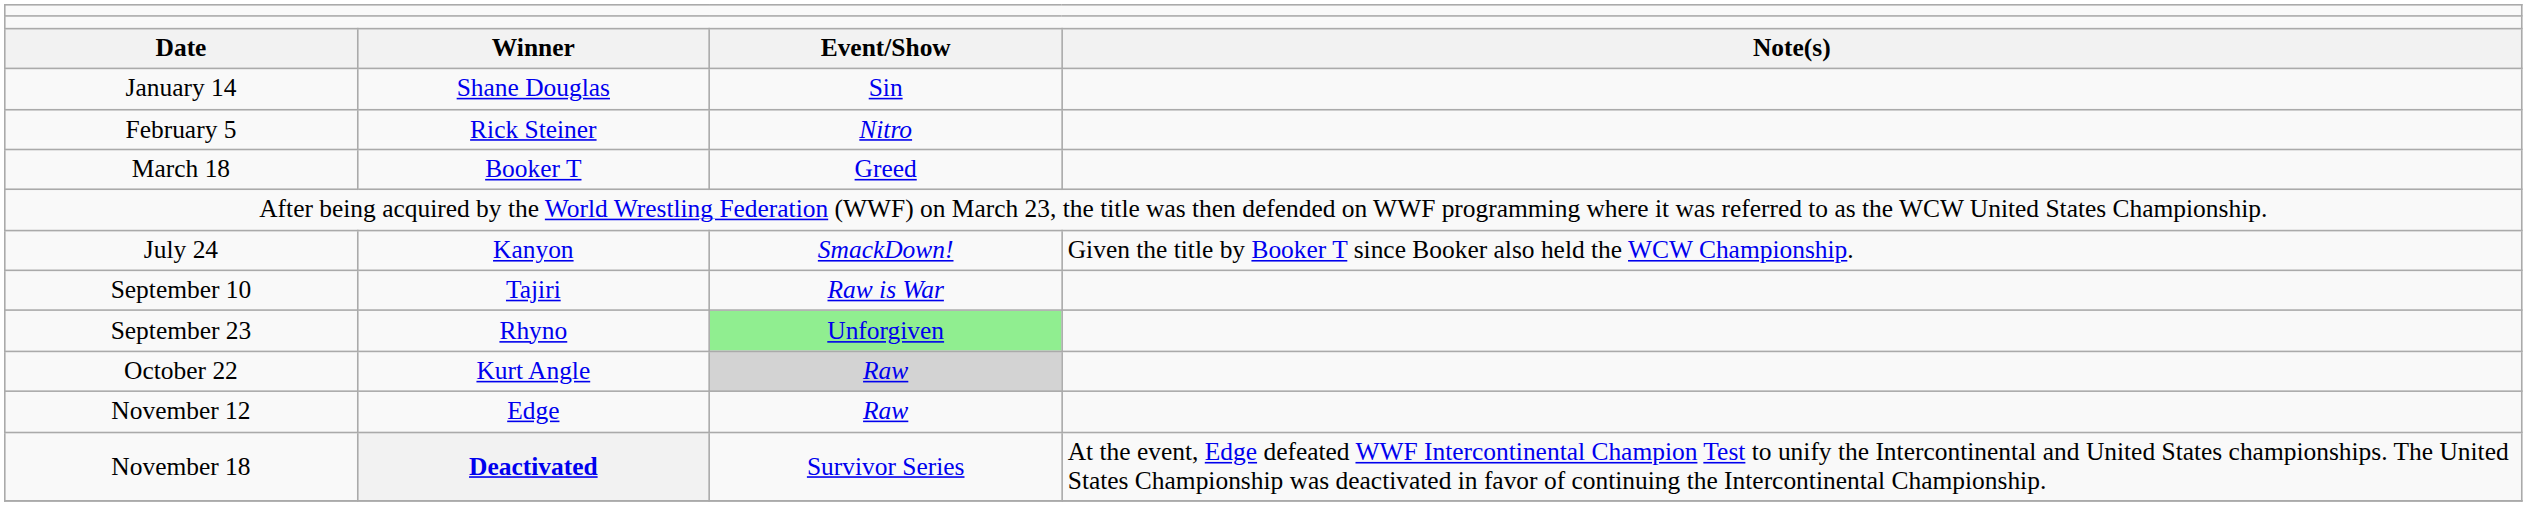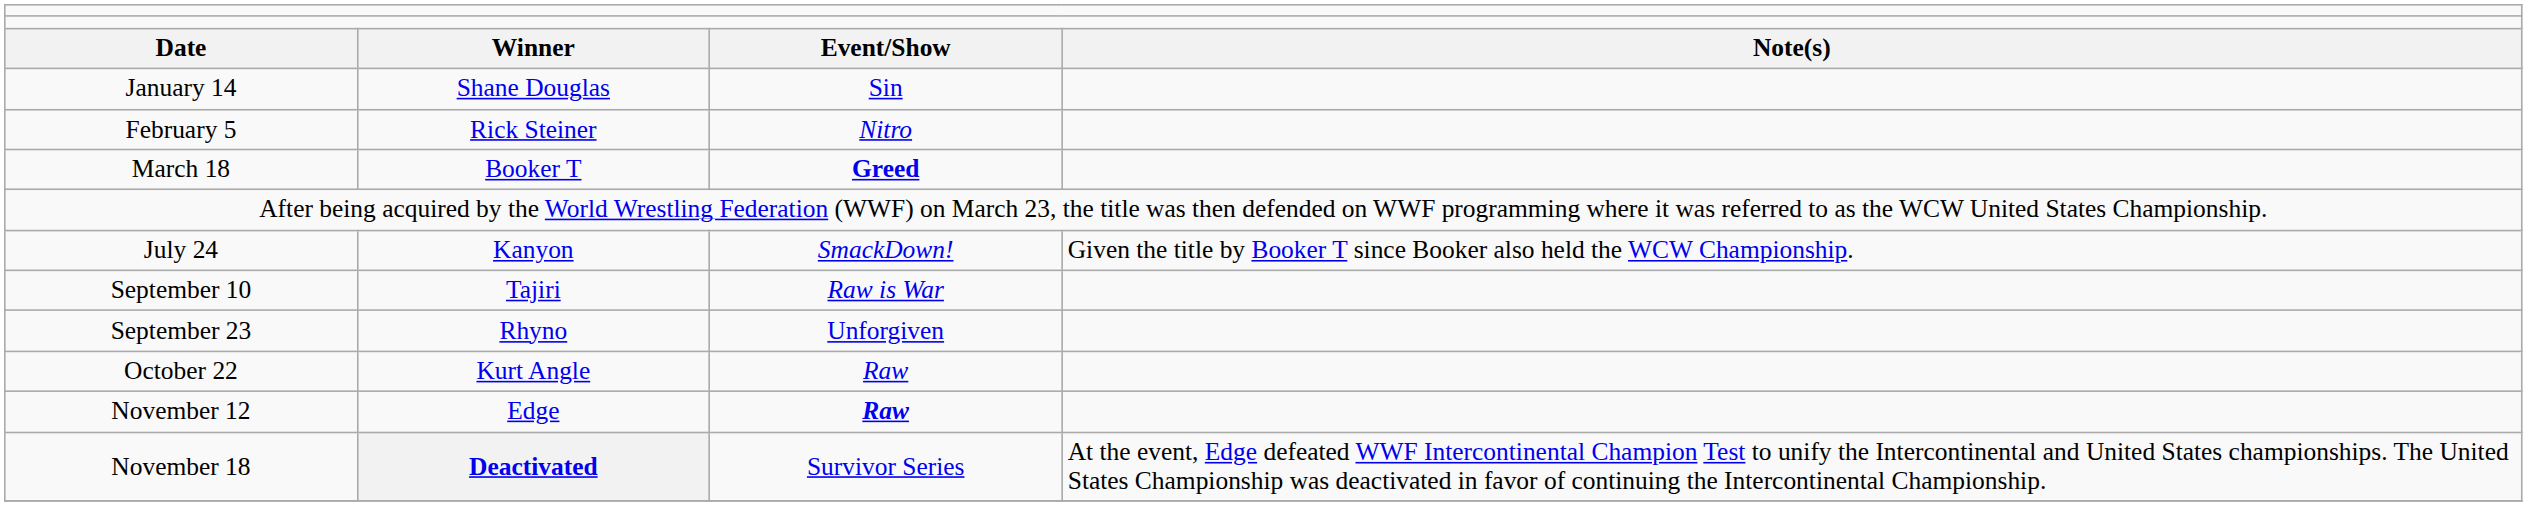 <table class="wikitable" style="text-align:center; width:100%;">
 <tr>
 <td colspan="5"></td>
 </tr>
 <tr>
 <td colspan="5"><strong></strong></td>
 </tr>
 <tr>
 <th width=14%>Date</th>
 <th width=14%>Winner</th>
 <th width=14%>Event/Show</th>
 <th width=58%>Note(s)</th>
 </tr>
 <tr>
 <td>January 14</td>
 <td><a href='#'>Shane Douglas</a></td>
 <td><a href='#'>Sin</a></td>
 <td></td>
 </tr>
 <tr>
 <td>February 5</td>
 <td><a href='#'>Rick Steiner</a></td>
 <td><em><a href='#'>Nitro</a></em></td>
 <td></td>
 </tr>
 <tr>
 <td>March 18</td>
 <td><a href='#'>Booker T</a></td>
-<td><a href='#'>Greed</a></td>
+<td><strong><a href='#'>Greed</a></strong></td>
 <td></td>
 </tr>
 <tr>
 <td colspan="4">After being acquired by the <a href='#'>World Wrestling Federation</a> (WWF) on March 23, the title was then defended on WWF programming where it was referred to as the WCW United States Championship.</td>
 </tr>
 <tr>
 <td>July 24<br></td>
 <td><a href='#'>Kanyon</a></td>
 <td><em><a href='#'>SmackDown!</a></em></td>
 <td align=left>Given the title by <a href='#'>Booker T</a> since Booker also held the <a href='#'>WCW Championship</a>.</td>
 </tr>
 <tr>
 <td>September 10</td>
 <td><a href='#'>Tajiri</a></td>
 <td><em><a href='#'>Raw is War</a></em></td>
 <td></td>
 </tr>
 <tr>
 <td>September 23</td>
 <td><a href='#'>Rhyno</a></td>
-<td style="background: lightgreen;"><a href='#'>Unforgiven</a></td>
+<td><a href='#'>Unforgiven</a></td>
 <td></td>
 </tr>
 <tr>
 <td>October 22</td>
 <td><a href='#'>Kurt Angle</a></td>
-<td style="background: lightgrey;"><em><a href='#'>Raw</a></em></td>
+<td><em><a href='#'>Raw</a></em></td>
 <td></td>
 </tr>
 <tr>
 <td>November 12</td>
 <td><a href='#'>Edge</a></td>
-<td><em><a href='#'>Raw</a></em></td>
+<td><strong><em><a href='#'>Raw</a></em></strong></td>
 <td></td>
 </tr>
 <tr>
 <td>November 18</td>
 <th><a href='#'>Deactivated</a></th>
 <td><a href='#'>Survivor Series</a></td>
 <td align=left>At the event, <a href='#'>Edge</a> defeated <a href='#'>WWF Intercontinental Champion</a> <a href='#'>Test</a> to unify the Intercontinental and United States championships. The United States Championship was deactivated in favor of continuing the Intercontinental Championship.</td>
 </tr>
 <tr>
 </tr>
 </table>
